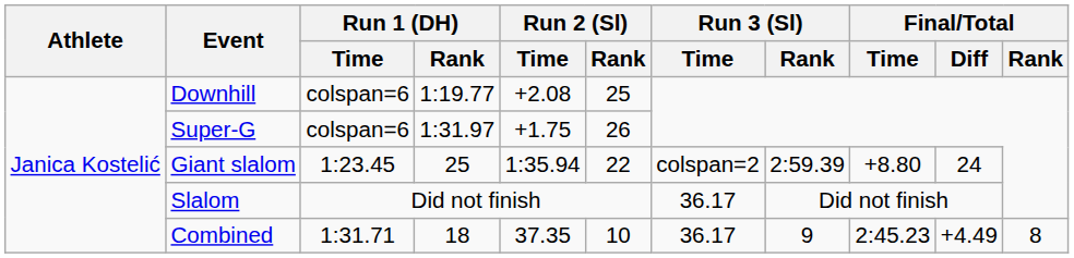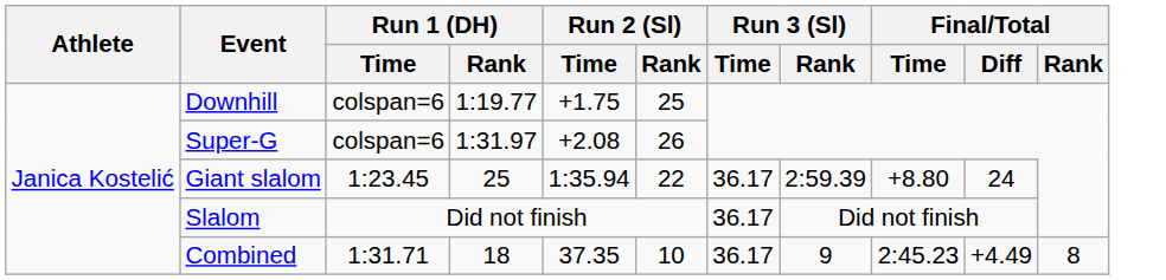 <table class="wikitable" style="font-size:90%">
 <tr>
 <th rowspan="2">Athlete</th>
 <th rowspan="2">Event</th>
 <th colspan="2">Run 1 (DH)</th>
 <th colspan="2">Run 2 (Sl)</th>
 <th colspan="2">Run 3 (Sl)</th>
 <th colspan="3">Final/Total</th>
 </tr>
 <tr>
 <th>Time</th>
 <th>Rank</th>
 <th>Time</th>
 <th>Rank</th>
 <th>Time</th>
 <th>Rank</th>
 <th>Time</th>
 <th>Diff</th>
 <th>Rank</th>
 </tr>
 <tr align="center">
 <td align="left" rowspan=5><a href='#'>Janica Kostelić</a></td>
 <td align="left"><a href='#'>Downhill</a></td>
 <td>colspan=6 </td>
 <td>1:19.77</td>
-<td>+2.08</td>
+<td>+1.75</td>
 <td>25</td>
 </tr>
 <tr align="center">
 <td align="left"><a href='#'>Super-G</a></td>
 <td>colspan=6 </td>
 <td>1:31.97</td>
-<td>+1.75</td>
+<td>+2.08</td>
 <td>26</td>
 </tr>
 <tr align="center">
 <td align="left"><a href='#'>Giant slalom</a></td>
 <td>1:23.45</td>
 <td>25</td>
 <td>1:35.94</td>
 <td>22</td>
-<td>colspan=2 </td>
+<td>36.17</td>
 <td>2:59.39</td>
 <td>+8.80</td>
 <td>24</td>
 </tr>
 <tr align="center">
 <td align="left"><a href='#'>Slalom</a></td>
 <td colspan=4>Did not finish</td>
 <td>36.17</td>
 <td colspan=3>Did not finish</td>
 </tr>
 <tr align="center">
 <td align="left"><a href='#'>Combined</a></td>
 <td>1:31.71</td>
 <td>18</td>
 <td>37.35</td>
 <td>10</td>
 <td>36.17</td>
 <td>9</td>
 <td>2:45.23</td>
 <td>+4.49</td>
 <td>8</td>
 </tr>
 </table>
